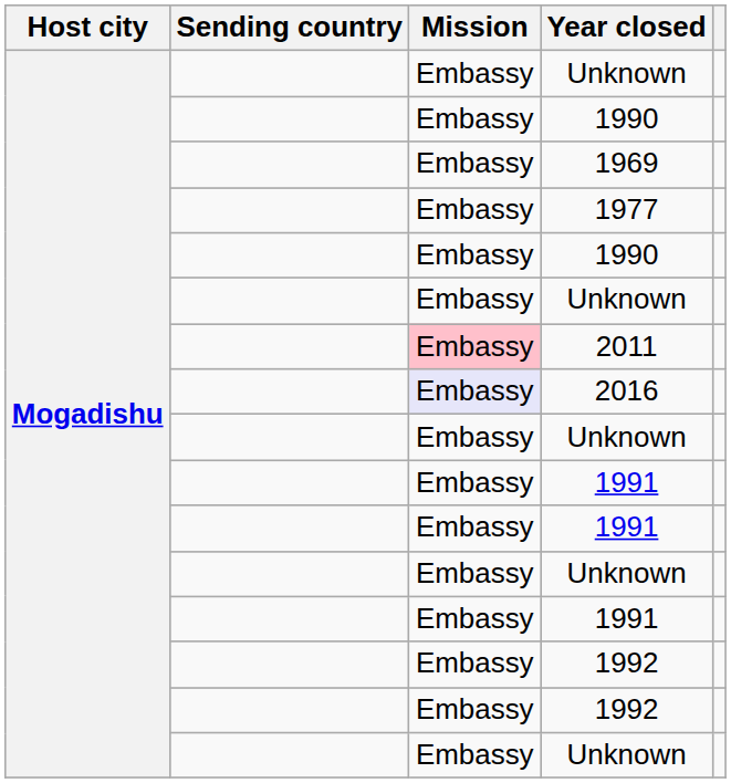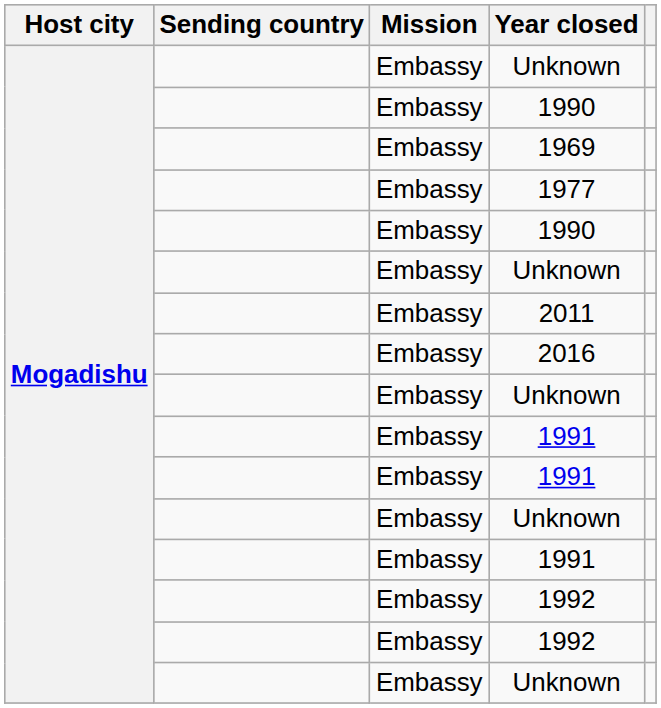 <table class="wikitable plainrowheaders">
 <tr>
 <th scope="col">Host city</th>
 <th scope="col">Sending country</th>
 <th scope="col">Mission</th>
 <th scope="col">Year closed</th>
 <th scope="col"></th>
 </tr>
 <tr>
 <th rowspan="16"><a href='#'>Mogadishu</a></th>
 <td></td>
 <td style="text-align:center;">Embassy</td>
 <td style="text-align:center;">Unknown</td>
 <td style="text-align:center;"></td>
 </tr>
 <tr>
 <td></td>
 <td style="text-align:center;">Embassy</td>
 <td style="text-align:center;">1990</td>
 <td style="text-align:center;"></td>
 </tr>
 <tr>
 <td></td>
 <td style="text-align:center;">Embassy</td>
 <td style="text-align:center;">1969</td>
 <td style="text-align:center;"></td>
 </tr>
 <tr>
 <td></td>
 <td style="text-align:center;">Embassy</td>
 <td style="text-align:center;">1977</td>
 <td style="text-align:center;"></td>
 </tr>
 <tr>
 <td></td>
 <td style="text-align:center;">Embassy</td>
 <td style="text-align:center;">1990</td>
 <td style="text-align:center;"></td>
 </tr>
 <tr>
 <td></td>
 <td style="text-align:center;">Embassy</td>
 <td style="text-align:center;">Unknown</td>
 <td style="text-align:center;"></td>
 </tr>
 <tr>
 <td></td>
-<td style="background: pink; text-align:center;">Embassy</td>
+<td style="text-align:center;">Embassy</td>
 <td style="text-align:center;">2011</td>
 <td style="text-align:center;"></td>
 </tr>
 <tr>
 <td></td>
-<td style="background: lavender; text-align:center;">Embassy</td>
+<td style="text-align:center;">Embassy</td>
 <td style="text-align:center;">2016</td>
 <td style="text-align:center;"></td>
 </tr>
 <tr>
 <td></td>
 <td style="text-align:center;">Embassy</td>
 <td style="text-align:center;">Unknown</td>
 <td style="text-align:center;"></td>
 </tr>
 <tr>
 <td></td>
 <td style="text-align:center;">Embassy</td>
 <td style="text-align:center;"><a href='#'>1991</a></td>
 <td style="text-align:center;"></td>
 </tr>
 <tr>
 <td></td>
 <td style="text-align:center;">Embassy</td>
 <td style="text-align:center;"><a href='#'>1991</a></td>
 <td style="text-align:center;"></td>
 </tr>
 <tr>
 <td></td>
 <td style="text-align:center;">Embassy</td>
 <td style="text-align:center;">Unknown</td>
 <td style="text-align:center;"></td>
 </tr>
 <tr>
 <td></td>
 <td style="text-align:center;">Embassy</td>
 <td style="text-align:center;">1991</td>
 <td style="text-align:center;"></td>
 </tr>
 <tr>
 <td></td>
 <td style="text-align:center;">Embassy</td>
 <td style="text-align:center;">1992</td>
 <td style="text-align:center;"></td>
 </tr>
 <tr>
 <td></td>
 <td style="text-align:center;">Embassy</td>
 <td style="text-align:center;">1992</td>
 <td style="text-align:center;"></td>
 </tr>
 <tr>
 <td></td>
 <td style="text-align:center;">Embassy</td>
 <td style="text-align:center;">Unknown</td>
 <td style="text-align:center;"></td>
 </tr>
 </table>
